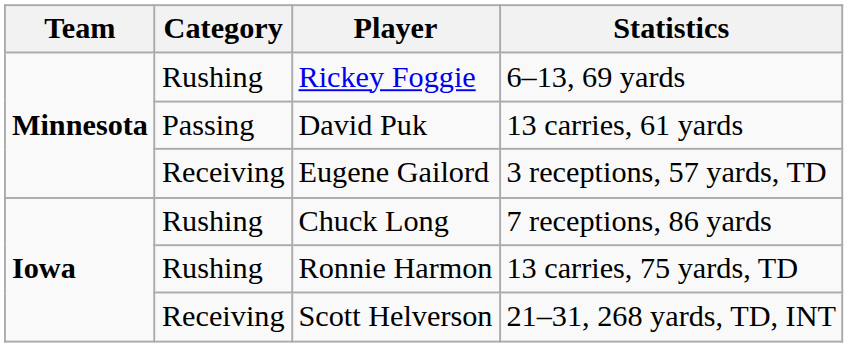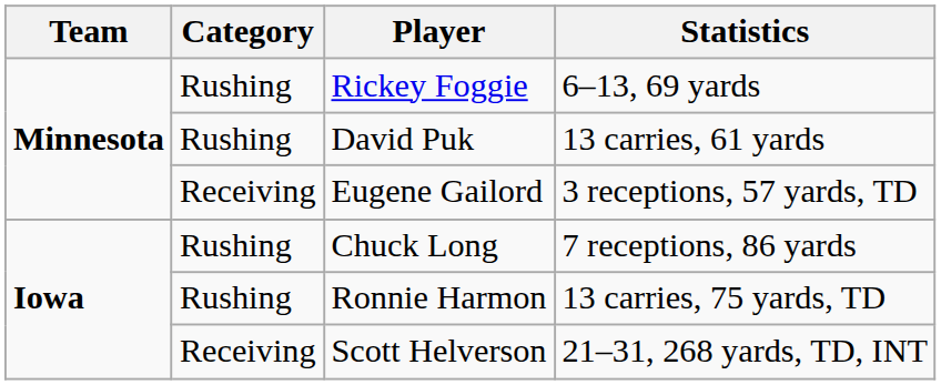 <table class="wikitable" style="float: left;">
 <tr>
 <th>Team</th>
 <th>Category</th>
 <th>Player</th>
 <th>Statistics</th>
 </tr>
 <tr>
 <td rowspan=3><strong>Minnesota</strong></td>
 <td>Rushing</td>
 <td><a href='#'>Rickey Foggie</a></td>
 <td>6–13, 69 yards</td>
 </tr>
 <tr>
-<td>Passing</td>
+<td>Rushing</td>
 <td>David Puk</td>
 <td>13 carries, 61 yards</td>
 </tr>
 <tr>
 <td>Receiving</td>
 <td>Eugene Gailord</td>
 <td>3 receptions, 57 yards, TD</td>
 </tr>
 <tr>
 <td rowspan=3><strong>Iowa</strong></td>
 <td>Rushing</td>
 <td>Chuck Long</td>
 <td>7 receptions, 86 yards</td>
 </tr>
 <tr>
 <td>Rushing</td>
 <td>Ronnie Harmon</td>
 <td>13 carries, 75 yards, TD</td>
 </tr>
 <tr>
 <td>Receiving</td>
 <td>Scott Helverson</td>
 <td>21–31, 268 yards, TD, INT</td>
 </tr>
 </table>
